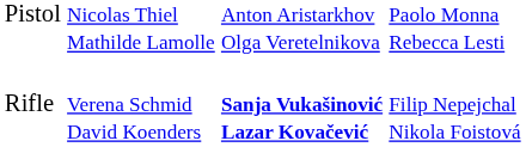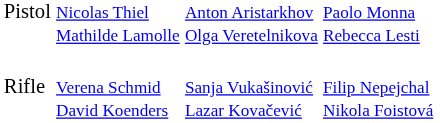 <table>
 <tr>
 <td>Pistol</td>
 <td><small><br><a href='#'>Nicolas Thiel</a><br><a href='#'>Mathilde Lamolle</a></small></td>
 <td><small><br><a href='#'>Anton Aristarkhov</a><br><a href='#'>Olga Veretelnikova</a></small></td>
 <td><small><br><a href='#'>Paolo Monna</a><br><a href='#'>Rebecca Lesti</a></small></td>
 </tr>
 <tr>
 <td>Rifle</td>
 <td><small><br><a href='#'>Verena Schmid</a><br><a href='#'>David Koenders</a></small></td>
-<td><strong><small><br><a href='#'>Sanja Vukašinović</a><br><a href='#'>Lazar Kovačević</a></small></strong></td>
+<td><small><br><a href='#'>Sanja Vukašinović</a><br><a href='#'>Lazar Kovačević</a></small></td>
 <td><small><br><a href='#'>Filip Nepejchal</a><br><a href='#'>Nikola Foistová</a></small></td>
 </tr>
 </table>
